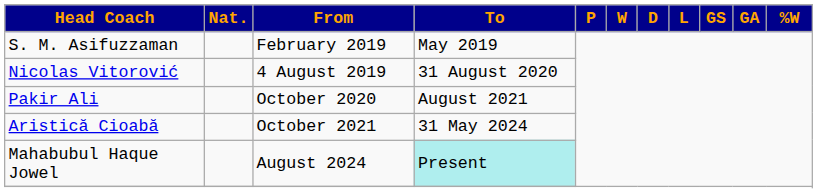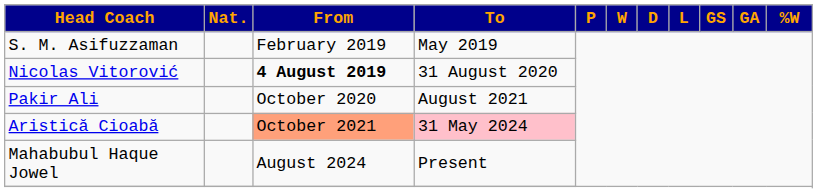 <table class="wikitable sortable" style="text-align: center">
 <tr>
 <th style="background:#00008B; color:orange; width:150px;">Head Coach</th>
 <th style="background:#00008B; color:orange; width:15px;">Nat.</th>
 <th style="background:#00008B; color:orange; width:120px;" class="unsortable">From</th>
 <th style="background:#00008B; color:orange; width:120px;" class="unsortable">To</th>
 <th style="background:#00008B; color:orange; width:18px;" abbr="1">P</th>
 <th style="background:#00008B; color:orange; width:18px;" abbr="1">W</th>
 <th style="background:#00008B; color:orange; width:18px;" abbr="0">D</th>
 <th style="background:#00008B; color:orange; width:18px;" abbr="1">L</th>
 <th style="background:#00008B; color:orange; width:20px;" abbr="2">GS</th>
 <th style="background:#00008B; color:orange; width:20px;" abbr="4">GA</th>
 <th style="background:#00008B; color:orange; width:30px;" abbr="50">%W</th>
 </tr>
 <tr>
 <td align=left>S. M. Asifuzzaman</td>
 <td align=left></td>
 <td align=left>February 2019</td>
 <td align=left>May 2019<br></td>
 </tr>
 <tr>
 <td align=left><a href='#'>Nicolas Vitorović</a></td>
 <td align=left></td>
-<td align=left>4 August 2019</td>
+<td align=left><strong>4 August 2019</strong></td>
 <td align=left>31 August 2020<br></td>
 </tr>
 <tr>
 <td align=left><a href='#'>Pakir Ali</a></td>
 <td align=left></td>
 <td align=left>October 2020</td>
 <td align=left>August 2021<br></td>
 </tr>
 <tr>
 <td align=left><a href='#'>Aristică Cioabă</a></td>
 <td align=left></td>
-<td align=left>October 2021</td>
-<td align=left>31 May 2024<br></td>
+<td align=left style="background: lightsalmon;">October 2021</td>
+<td align=left style="background: pink;">31 May 2024<br></td>
 </tr>
 <tr>
 <td align=left>Mahabubul Haque Jowel</td>
 <td align=left></td>
 <td align=left>August 2024</td>
-<td align=left style="background: paleturquoise;">Present<br></td>
+<td align=left>Present<br></td>
 </tr>
 <tr>
 </tr>
 </table>
